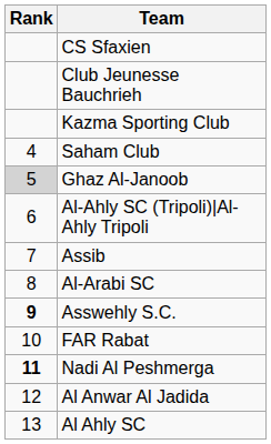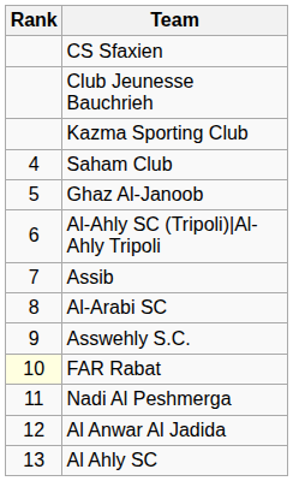 <table class="wikitable" style="text-align: center;">
 <tr>
 <th width=40>Rank</th>
 <th width=180>Team</th>
 </tr>
 <tr align=center>
 <td></td>
 <td style="text-align:left;"> CS Sfaxien</td>
 </tr>
 <tr align=center>
 <td></td>
 <td style="text-align:left;"> Club Jeunesse Bauchrieh</td>
 </tr>
 <tr align=center>
 <td></td>
 <td style="text-align:left;"> Kazma Sporting Club</td>
 </tr>
 <tr align=center>
 <td>4</td>
 <td style="text-align:left;"> Saham Club</td>
 </tr>
 <tr align=center>
-<td style="background: lightgrey;">5</td>
+<td>5</td>
 <td style="text-align:left;"> Ghaz Al-Janoob</td>
 </tr>
 <tr align=center>
 <td>6</td>
 <td style="text-align:left;"> Al-Ahly SC (Tripoli)|Al-Ahly Tripoli</td>
 </tr>
 <tr align=center>
 <td>7</td>
 <td style="text-align:left;"> Assib</td>
 </tr>
 <tr align=center>
 <td>8</td>
 <td style="text-align:left;"> Al-Arabi SC</td>
 </tr>
 <tr align=center>
-<td><strong>9</strong></td>
+<td>9</td>
 <td style="text-align:left;"> Asswehly S.C.</td>
 </tr>
 <tr align=center>
-<td>10</td>
+<td style="background: lightyellow;">10</td>
 <td style="text-align:left;"> FAR Rabat</td>
 </tr>
 <tr align=center>
-<td><strong>11</strong></td>
+<td>11</td>
 <td style="text-align:left;"> Nadi Al Peshmerga</td>
 </tr>
 <tr align=center>
 <td>12</td>
 <td style="text-align:left;"> Al Anwar Al Jadida</td>
 </tr>
 <tr align=center>
 <td>13</td>
 <td style="text-align:left;"> Al Ahly SC</td>
 </tr>
 </table>
